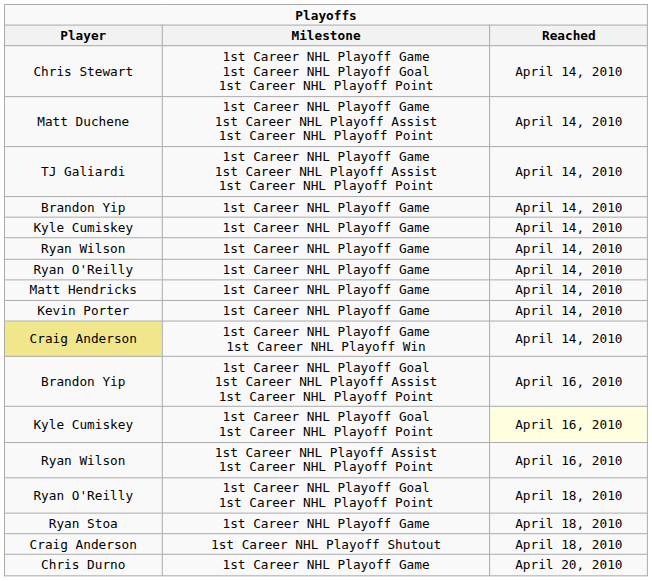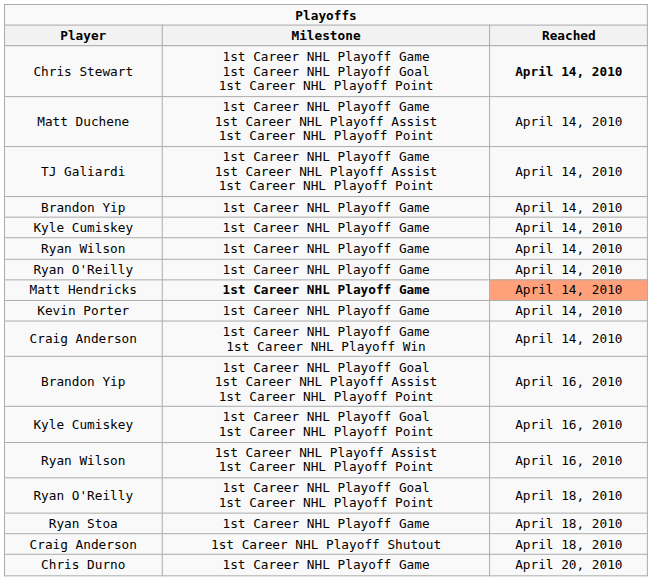 <table class="wikitable" width="52%" style="text-align:center">
 <tr>
 <td colspan="10" align="center"><strong>Playoffs</strong></td>
 </tr>
 <tr align="center"  bgcolor="#dddddd">
 <th>Player</th>
 <th>Milestone</th>
 <th>Reached</th>
 </tr>
 <tr>
 <td>Chris Stewart</td>
 <td>1st Career NHL Playoff Game<br>1st Career NHL Playoff Goal<br>1st Career NHL Playoff Point</td>
-<td>April 14, 2010</td>
+<td><strong>April 14, 2010</strong></td>
 </tr>
 <tr>
 <td>Matt Duchene</td>
 <td>1st Career NHL Playoff Game<br>1st Career NHL Playoff Assist<br>1st Career NHL Playoff Point</td>
 <td>April 14, 2010</td>
 </tr>
 <tr>
 <td>TJ Galiardi</td>
 <td>1st Career NHL Playoff Game<br>1st Career NHL Playoff Assist<br>1st Career NHL Playoff Point</td>
 <td>April 14, 2010</td>
 </tr>
 <tr>
 <td>Brandon Yip</td>
 <td>1st Career NHL Playoff Game</td>
 <td>April 14, 2010</td>
 </tr>
 <tr>
 <td>Kyle Cumiskey</td>
 <td>1st Career NHL Playoff Game</td>
 <td>April 14, 2010</td>
 </tr>
 <tr>
 <td>Ryan Wilson</td>
 <td>1st Career NHL Playoff Game</td>
 <td>April 14, 2010</td>
 </tr>
 <tr>
 <td>Ryan O'Reilly</td>
 <td>1st Career NHL Playoff Game</td>
 <td>April 14, 2010</td>
 </tr>
 <tr>
 <td>Matt Hendricks</td>
-<td>1st Career NHL Playoff Game</td>
-<td>April 14, 2010</td>
+<td><strong>1st Career NHL Playoff Game</strong></td>
+<td style="background: lightsalmon;">April 14, 2010</td>
 </tr>
 <tr>
 <td>Kevin Porter</td>
 <td>1st Career NHL Playoff Game</td>
 <td>April 14, 2010</td>
 </tr>
 <tr>
-<td style="background: khaki;">Craig Anderson</td>
+<td>Craig Anderson</td>
 <td>1st Career NHL Playoff Game<br>1st Career NHL Playoff Win</td>
 <td>April 14, 2010</td>
 </tr>
 <tr>
 <td>Brandon Yip</td>
 <td>1st Career NHL Playoff Goal<br>1st Career NHL Playoff Assist<br>1st Career NHL Playoff Point</td>
 <td>April 16, 2010</td>
 </tr>
 <tr>
 <td>Kyle Cumiskey</td>
 <td>1st Career NHL Playoff Goal<br>1st Career NHL Playoff Point</td>
-<td style="background: lightyellow;">April 16, 2010</td>
+<td>April 16, 2010</td>
 </tr>
 <tr>
 <td>Ryan Wilson</td>
 <td>1st Career NHL Playoff Assist<br>1st Career NHL Playoff Point</td>
 <td>April 16, 2010</td>
 </tr>
 <tr>
 <td>Ryan O'Reilly</td>
 <td>1st Career NHL Playoff Goal<br>1st Career NHL Playoff Point</td>
 <td>April 18, 2010</td>
 </tr>
 <tr>
 <td>Ryan Stoa</td>
 <td>1st Career NHL Playoff Game</td>
 <td>April 18, 2010</td>
 </tr>
 <tr>
 <td>Craig Anderson</td>
 <td>1st Career NHL Playoff Shutout</td>
 <td>April 18, 2010</td>
 </tr>
 <tr>
 <td>Chris Durno</td>
 <td>1st Career NHL Playoff Game</td>
 <td>April 20, 2010</td>
 </tr>
 </table>
